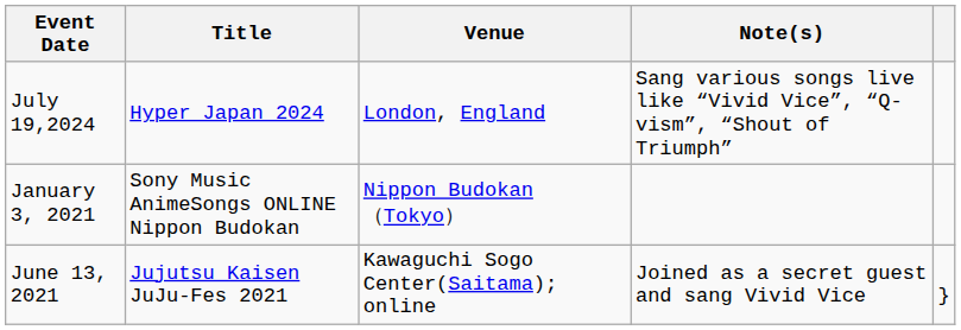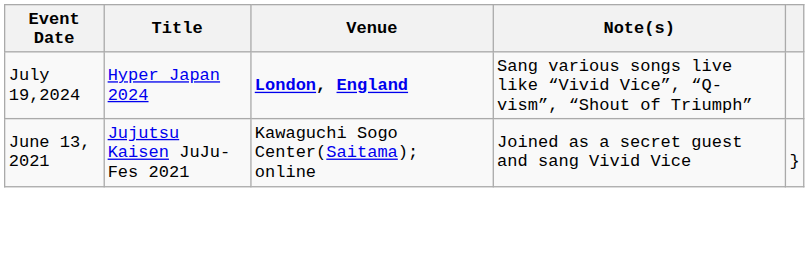 <table class=wikitable>
 <tr>
 <th>Event Date</th>
 <th>Title</th>
 <th>Venue</th>
 <th>Note(s)</th>
 <th></th>
 </tr>
 <tr>
 <td>July 19,2024</td>
 <td><a href='#'>Hyper Japan 2024</a></td>
-<td><a href='#'>London</a>, <a href='#'>England</a></td>
+<td><strong><a href='#'>London</a>, <a href='#'>England</a></strong></td>
 <td>Sang various songs live like “Vivid Vice”, “Q-vism”, “Shout of Triumph”</td>
-</tr>
-<tr>
-<td>January 3, 2021</td>
-<td>Sony Music AnimeSongs ONLINE Nippon Budokan</td>
-<td><a href='#'>Nippon Budokan </a>（<a href='#'>Tokyo</a>）</td>
-<td></td>
-<td></td>
 </tr>
 <tr>
 <td>June 13, 2021</td>
 <td><a href='#'>Jujutsu Kaisen</a> JuJu-Fes 2021</td>
 <td>Kawaguchi Sogo Center(<a href='#'>Saitama</a>); online</td>
 <td>Joined as a secret guest and sang Vivid Vice</td>
 <td><br>}<br>    </td>
 </tr>
 </table>
